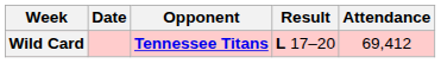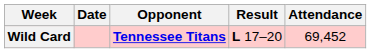 <table class="wikitable" style="text-align:center">
 <tr>
 <th>Week</th>
 <th>Date</th>
 <th>Opponent</th>
 <th>Result</th>
 <th>Attendance</th>
 </tr>
 <tr style="background: #fcc;">
 <th>Wild Card</th>
 <td></td>
 <td><strong><a href='#'>Tennessee Titans</a></strong></td>
 <td><strong>L</strong> 17–20</td>
-<td>69,412</td>
+<td>69,452</td>
 </tr>
 </table>
